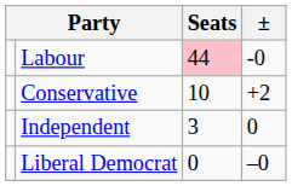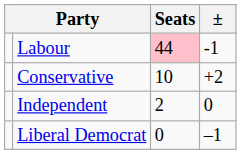 <table class="wikitable">
 <tr>
 <th colspan="2">Party</th>
 <th>Seats</th>
 <th>  ±  </th>
 </tr>
 <tr>
 <td style="background-color: "></td>
 <td><a href='#'>Labour</a></td>
 <td style="background: pink;">44</td>
-<td>-0</td>
+<td>-1</td>
 </tr>
 <tr>
 <td style="background-color: "></td>
 <td><a href='#'>Conservative</a></td>
 <td>10</td>
 <td>+2</td>
 </tr>
 <tr>
 <td style="backgrouns-color: "></td>
 <td><a href='#'>Independent</a></td>
-<td>3</td>
+<td>2</td>
 <td>0</td>
 </tr>
 <tr>
 <td style="background-color: "></td>
 <td><a href='#'>Liberal Democrat</a></td>
 <td>0</td>
-<td>–0</td>
+<td>–1</td>
 </tr>
 </table>
